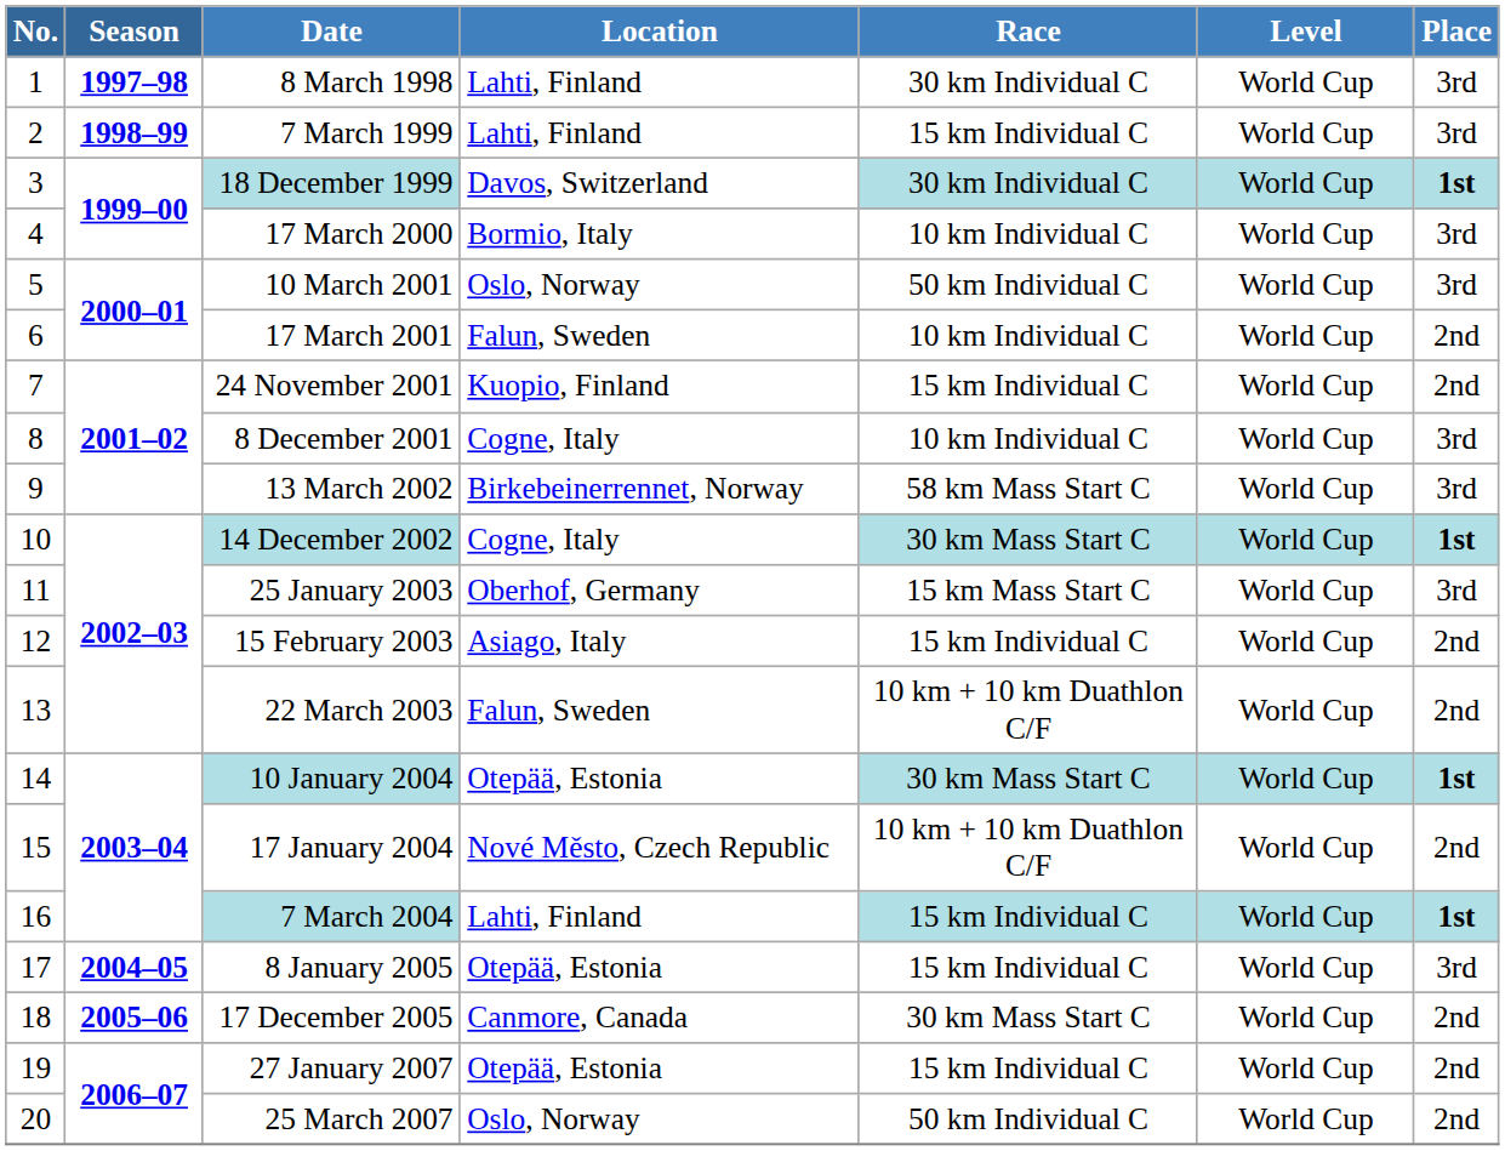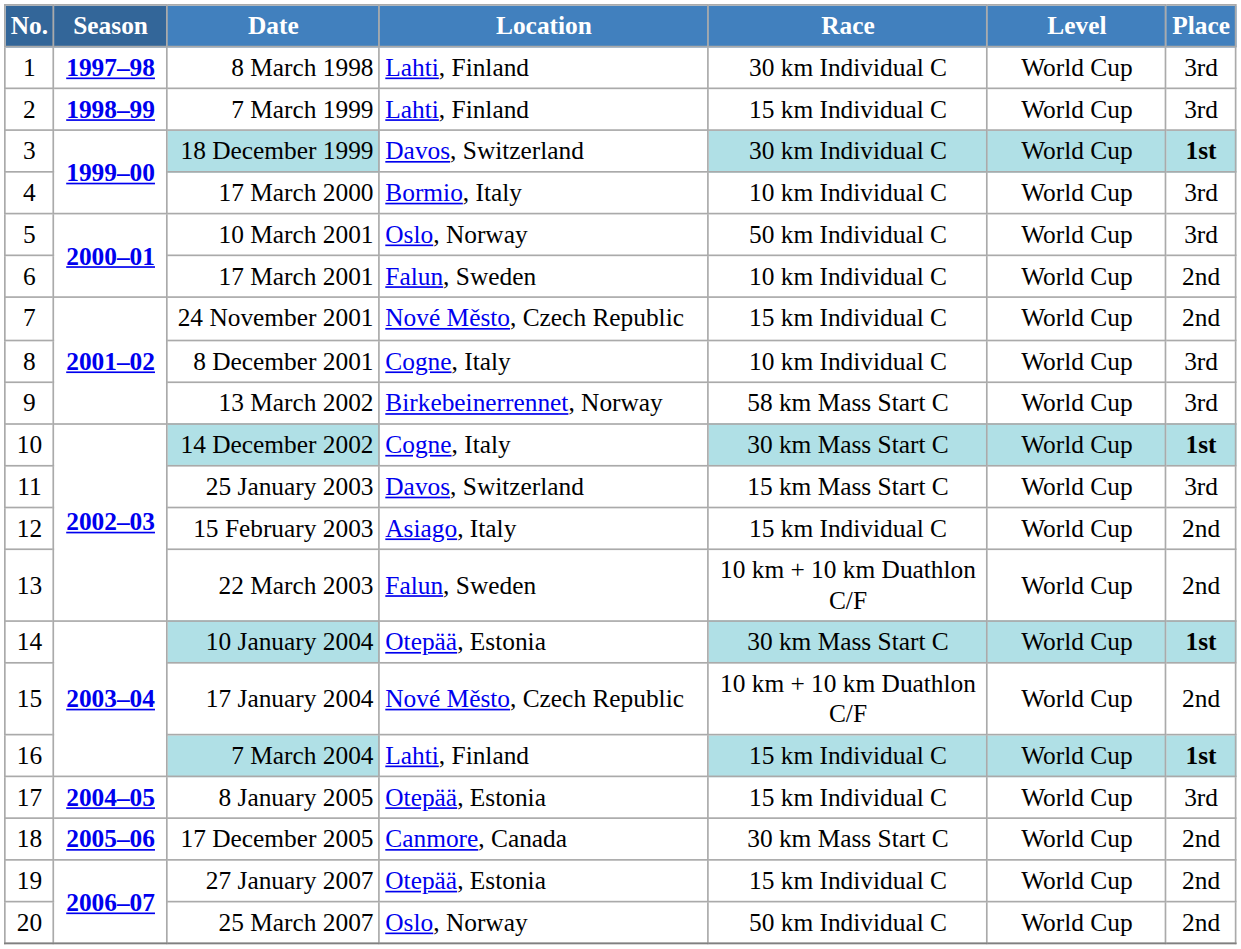 <table class="wikitable sortable" style="font-size:95%; text-align:center; border:grey solid 1px; border-collapse:collapse; background:#ffffff;">
 <tr style="background:#efefef;">
 <th style="background-color:#369; color:white;">No.</th>
 <th style="background-color:#369; color:white;">Season</th>
 <th style="background-color:#4180be; color:white; width:120px;">Date</th>
 <th style="background-color:#4180be; color:white; width:190px;">Location</th>
 <th style="background-color:#4180be; color:white; width:160px;">Race</th>
 <th style="background-color:#4180be; color:white; width:100px;">Level</th>
 <th style="background-color:#4180be; color:white;">Place</th>
 </tr>
 <tr>
 <td align=center>1</td>
 <td rowspan=1 align=center><strong> <a href='#'>1997–98</a> </strong></td>
 <td align=right>8 March 1998</td>
 <td align=left> <a href='#'>Lahti</a>, Finland</td>
 <td>30 km Individual C</td>
 <td>World Cup</td>
 <td>3rd</td>
 </tr>
 <tr>
 <td align=center>2</td>
 <td rowspan=1 align=center><strong> <a href='#'>1998–99</a> </strong></td>
 <td align=right>7 March 1999</td>
 <td align=left> <a href='#'>Lahti</a>, Finland</td>
 <td>15 km Individual C</td>
 <td>World Cup</td>
 <td>3rd</td>
 </tr>
 <tr>
 <td align=center>3</td>
 <td rowspan=2 align=center><strong><a href='#'>1999–00</a></strong></td>
 <td bgcolor="#BOEOE6" align=right>18 December 1999</td>
 <td align=left> <a href='#'>Davos</a>, Switzerland</td>
 <td bgcolor="#BOEOE6">30 km Individual C</td>
 <td bgcolor="#BOEOE6">World Cup</td>
 <td bgcolor="#BOEOE6"><strong>1st</strong></td>
 </tr>
 <tr>
 <td align=center>4</td>
 <td align=right>17 March 2000</td>
 <td align=left> <a href='#'>Bormio</a>, Italy</td>
 <td>10 km Individual C</td>
 <td>World Cup</td>
 <td>3rd</td>
 </tr>
 <tr>
 <td align=center>5</td>
 <td rowspan=2 align=center><strong> <a href='#'>2000–01</a> </strong></td>
 <td align=right>10 March 2001</td>
 <td align=left> <a href='#'>Oslo</a>, Norway</td>
 <td>50 km Individual C</td>
 <td>World Cup</td>
 <td>3rd</td>
 </tr>
 <tr>
 <td align=center>6</td>
 <td align=right>17 March 2001</td>
 <td align=left> <a href='#'>Falun</a>, Sweden</td>
 <td>10 km Individual C</td>
 <td>World Cup</td>
 <td>2nd</td>
 </tr>
 <tr>
 <td align=center>7</td>
 <td rowspan=3 align=center><strong> <a href='#'>2001–02</a> </strong></td>
 <td align=right>24 November 2001</td>
-<td align=left> <a href='#'>Kuopio</a>, Finland</td>
+<td align=left> <a href='#'>Nové Město</a>, Czech Republic</td>
 <td>15 km Individual C</td>
 <td>World Cup</td>
 <td>2nd</td>
 </tr>
 <tr>
 <td align=center>8</td>
 <td align=right>8 December 2001</td>
 <td align=left> <a href='#'>Cogne</a>, Italy</td>
 <td>10 km Individual C</td>
 <td>World Cup</td>
 <td>3rd</td>
 </tr>
 <tr>
 <td align=center>9</td>
 <td align=right>13 March 2002</td>
 <td align=left> <a href='#'>Birkebeinerrennet</a>, Norway</td>
 <td>58 km Mass Start C</td>
 <td>World Cup</td>
 <td>3rd</td>
 </tr>
 <tr>
 <td align=center>10</td>
 <td rowspan=4 align=center><strong><a href='#'>2002–03</a></strong></td>
 <td bgcolor="#BOEOE6" align=right>14 December 2002</td>
 <td align=left> <a href='#'>Cogne</a>, Italy</td>
 <td bgcolor="#BOEOE6">30 km Mass Start C</td>
 <td bgcolor="#BOEOE6">World Cup</td>
 <td bgcolor="#BOEOE6"><strong>1st</strong></td>
 </tr>
 <tr>
 <td align=center>11</td>
 <td align=right>25 January 2003</td>
-<td align=left> <a href='#'>Oberhof</a>, Germany</td>
+<td align=left> <a href='#'>Davos</a>, Switzerland</td>
 <td>15 km Mass Start C</td>
 <td>World Cup</td>
 <td>3rd</td>
 </tr>
 <tr>
 <td align=center>12</td>
 <td align=right>15 February 2003</td>
 <td align=left> <a href='#'>Asiago</a>, Italy</td>
 <td>15 km Individual C</td>
 <td>World Cup</td>
 <td>2nd</td>
 </tr>
 <tr>
 <td align=center>13</td>
 <td align=right>22 March 2003</td>
 <td align=left> <a href='#'>Falun</a>, Sweden</td>
 <td>10 km + 10 km Duathlon C/F</td>
 <td>World Cup</td>
 <td>2nd</td>
 </tr>
 <tr>
 <td align=center>14</td>
 <td rowspan=3 align=center><strong><a href='#'>2003–04</a></strong></td>
 <td bgcolor="#BOEOE6" align=right>10 January 2004</td>
 <td align=left> <a href='#'>Otepää</a>, Estonia</td>
 <td bgcolor="#BOEOE6">30 km Mass Start C</td>
 <td bgcolor="#BOEOE6">World Cup</td>
 <td bgcolor="#BOEOE6"><strong>1st</strong></td>
 </tr>
 <tr>
 <td align=center>15</td>
 <td align=right>17 January 2004</td>
 <td align=left> <a href='#'>Nové Město</a>, Czech Republic</td>
 <td>10 km + 10 km Duathlon C/F</td>
 <td>World Cup</td>
 <td>2nd</td>
 </tr>
 <tr>
 <td align=center>16</td>
 <td bgcolor="#BOEOE6" align=right>7 March 2004</td>
 <td align=left> <a href='#'>Lahti</a>, Finland</td>
 <td bgcolor="#BOEOE6">15 km Individual C</td>
 <td bgcolor="#BOEOE6">World Cup</td>
 <td bgcolor="#BOEOE6"><strong>1st</strong></td>
 </tr>
 <tr>
 <td align=center>17</td>
 <td rowspan=1 align=center><strong> <a href='#'>2004–05</a> </strong></td>
 <td align=right>8 January 2005</td>
 <td align=left> <a href='#'>Otepää</a>, Estonia</td>
 <td>15 km Individual C</td>
 <td>World Cup</td>
 <td>3rd</td>
 </tr>
 <tr>
 <td align=center>18</td>
 <td rowspan=1 align=center><strong> <a href='#'>2005–06</a> </strong></td>
 <td align=right>17 December 2005</td>
 <td align=left> <a href='#'>Canmore</a>, Canada</td>
 <td>30 km Mass Start C</td>
 <td>World Cup</td>
 <td>2nd</td>
 </tr>
 <tr>
 <td align=center>19</td>
 <td rowspan=2 align=center><strong> <a href='#'>2006–07</a> </strong></td>
 <td align=right>27 January 2007</td>
 <td align=left> <a href='#'>Otepää</a>, Estonia</td>
 <td>15 km Individual C</td>
 <td>World Cup</td>
 <td>2nd</td>
 </tr>
 <tr>
 <td align=center>20</td>
 <td align=right>25 March 2007</td>
 <td align=left> <a href='#'>Oslo</a>, Norway</td>
 <td>50 km Individual C</td>
 <td>World Cup</td>
 <td>2nd</td>
 </tr>
 <tr>
 </tr>
 </table>
